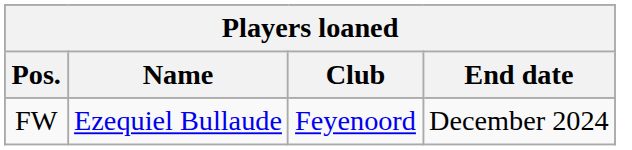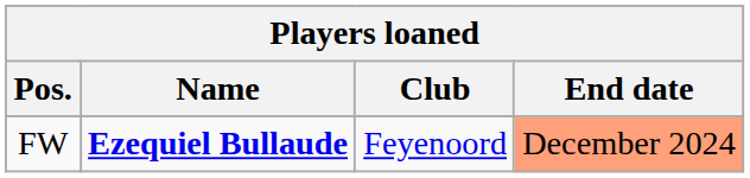 <table class="wikitable" style="font-size:95%;">
 <tr>
 <th colspan="6">Players loaned</th>
 </tr>
 <tr>
 <th>Pos.</th>
 <th>Name</th>
 <th>Club</th>
 <th>End date</th>
 </tr>
 <tr>
 <td align="center">FW</td>
-<td> <a href='#'>Ezequiel Bullaude</a></td>
+<td><strong> <a href='#'>Ezequiel Bullaude</a></strong></td>
 <td> <a href='#'>Feyenoord</a></td>
-<td>December 2024</td>
+<td style="background: lightsalmon;">December 2024</td>
 </tr>
 </table>
